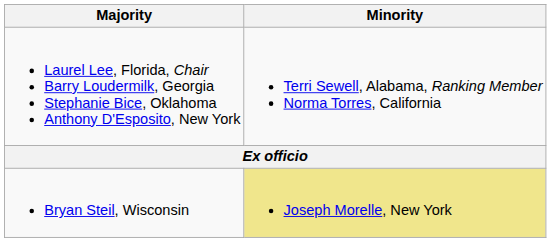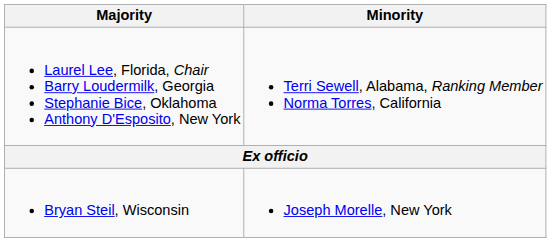 <table class=wikitable>
 <tr>
 <th>Majority</th>
 <th>Minority</th>
 </tr>
 <tr>
 <td><br><ul><li><a href='#'>Laurel Lee</a>, Florida, <em>Chair</em></li><li><a href='#'>Barry Loudermilk</a>, Georgia</li><li><a href='#'>Stephanie Bice</a>, Oklahoma</li><li><a href='#'>Anthony D'Esposito</a>, New York</li></ul></td>
 <td><br><ul><li><a href='#'>Terri Sewell</a>, Alabama, <em>Ranking Member</em></li><li><a href='#'>Norma Torres</a>, California</li></ul></td>
 </tr>
 <tr>
 <th colspan=2><em>Ex officio</em></th>
 </tr>
 <tr>
 <td><br><ul><li><a href='#'>Bryan Steil</a>, Wisconsin</li></ul></td>
-<td style="background: khaki;"><br><ul><li><a href='#'>Joseph Morelle</a>, New York</li></ul></td>
+<td><br><ul><li><a href='#'>Joseph Morelle</a>, New York</li></ul></td>
 </tr>
 </table>
